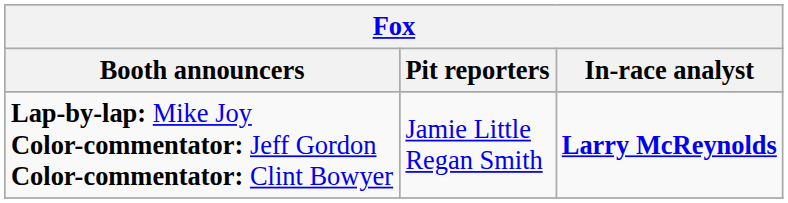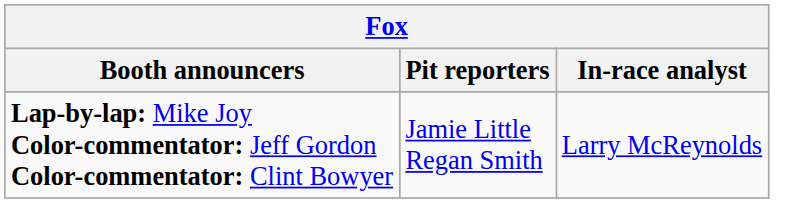 <table class="wikitable" style="font-size: 95%;">
 <tr>
 <th colspan="3"><a href='#'>Fox</a></th>
 </tr>
 <tr>
 <th>Booth announcers</th>
 <th>Pit reporters</th>
 <th>In-race analyst</th>
 </tr>
 <tr>
 <td><strong>Lap-by-lap:</strong> <a href='#'>Mike Joy</a><br><strong>Color-commentator:</strong> <a href='#'>Jeff Gordon</a><br><strong>Color-commentator:</strong> <a href='#'>Clint Bowyer</a></td>
 <td><a href='#'>Jamie Little</a><br><a href='#'>Regan Smith</a></td>
-<td><strong><a href='#'>Larry McReynolds</a></strong></td>
+<td><a href='#'>Larry McReynolds</a></td>
 </tr>
 </table>
